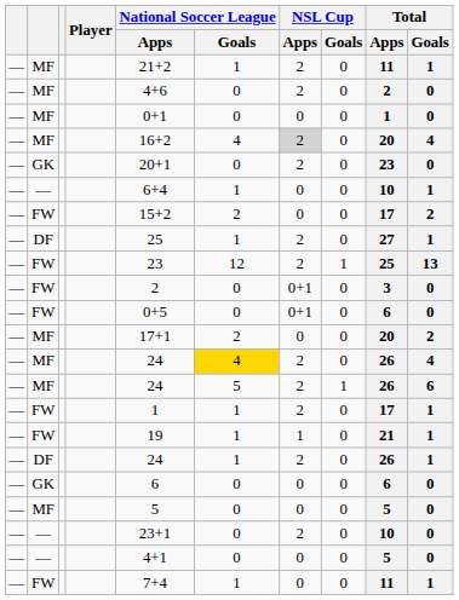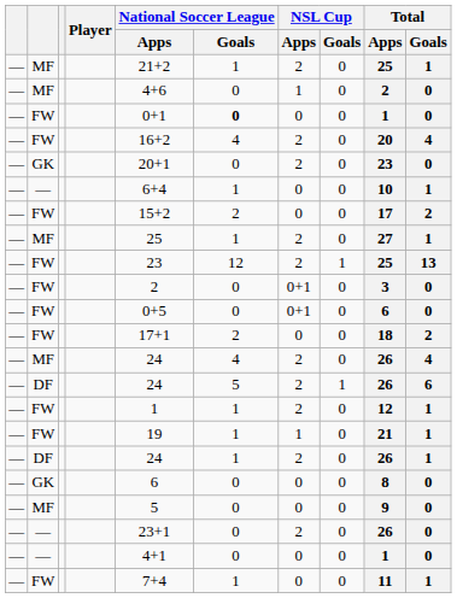 <table class="wikitable sortable" style="text-align:center">
 <tr>
 <th rowspan="2"></th>
 <th rowspan="2"></th>
 <th rowspan="2"></th>
 <th rowspan="2">Player</th>
 <th colspan="2"><a href='#'>National Soccer League</a></th>
 <th colspan="2"><a href='#'>NSL Cup</a></th>
 <th colspan="2">Total</th>
 </tr>
 <tr>
 <th>Apps</th>
 <th>Goals</th>
 <th>Apps</th>
 <th>Goals</th>
 <th>Apps</th>
 <th>Goals</th>
 </tr>
 <tr>
 <td>—</td>
 <td>MF</td>
 <td></td>
 <td align="left"><br></td>
 <td>21+2</td>
 <td>1<br></td>
 <td>2</td>
 <td>0<br></td>
-<th>11</th>
+<th>25</th>
 <th>1</th>
 </tr>
 <tr>
 <td>—</td>
 <td>MF</td>
 <td></td>
 <td align="left"><br></td>
 <td>4+6</td>
 <td>0<br></td>
-<td>2</td>
+<td>1</td>
 <td>0<br></td>
 <th>2</th>
 <th>0</th>
 </tr>
 <tr>
 <td>—</td>
-<td>MF</td>
+<td>FW</td>
 <td></td>
 <td align="left"><br></td>
 <td>0+1</td>
-<td>0<br></td>
+<td><strong>0<br></strong></td>
 <td>0</td>
 <td>0<br></td>
 <th>1</th>
 <th>0</th>
 </tr>
 <tr>
 <td>—</td>
-<td>MF</td>
+<td>FW</td>
 <td></td>
 <td align="left"><br></td>
 <td>16+2</td>
 <td>4<br></td>
-<td style="background: lightgrey;">2</td>
+<td>2</td>
 <td>0<br></td>
 <th>20</th>
 <th>4</th>
 </tr>
 <tr>
 <td>—</td>
 <td>GK</td>
 <td></td>
 <td align="left"><br></td>
 <td>20+1</td>
 <td>0<br></td>
 <td>2</td>
 <td>0<br></td>
 <th>23</th>
 <th>0</th>
 </tr>
 <tr>
 <td>—</td>
 <td>—</td>
 <td></td>
 <td align="left"><br></td>
 <td>6+4</td>
 <td>1<br></td>
 <td>0</td>
 <td>0<br></td>
 <th>10</th>
 <th>1</th>
 </tr>
 <tr>
 <td>—</td>
 <td>FW</td>
 <td></td>
 <td align="left"><br></td>
 <td>15+2</td>
 <td>2<br></td>
 <td>0</td>
 <td>0<br></td>
 <th>17</th>
 <th>2</th>
 </tr>
 <tr>
 <td>—</td>
-<td>DF</td>
+<td>MF</td>
 <td></td>
 <td align="left"><br></td>
 <td>25</td>
 <td>1<br></td>
 <td>2</td>
 <td>0<br></td>
 <th>27</th>
 <th>1</th>
 </tr>
 <tr>
 <td>—</td>
 <td>FW</td>
 <td></td>
 <td align="left"><br></td>
 <td>23</td>
 <td>12<br></td>
 <td>2</td>
 <td>1<br></td>
 <th>25</th>
 <th>13</th>
 </tr>
 <tr>
 <td>—</td>
 <td>FW</td>
 <td></td>
 <td align="left"><br></td>
 <td>2</td>
 <td>0<br></td>
 <td>0+1</td>
 <td>0<br></td>
 <th>3</th>
 <th>0</th>
 </tr>
 <tr>
 <td>—</td>
 <td>FW</td>
 <td></td>
 <td align="left"><br></td>
 <td>0+5</td>
 <td>0<br></td>
 <td>0+1</td>
 <td>0<br></td>
 <th>6</th>
 <th>0</th>
 </tr>
 <tr>
 <td>—</td>
-<td>MF</td>
+<td>FW</td>
 <td></td>
 <td align="left"><br></td>
 <td>17+1</td>
 <td>2<br></td>
 <td>0</td>
 <td>0<br></td>
-<th>20</th>
+<th>18</th>
 <th>2</th>
 </tr>
 <tr>
 <td>—</td>
 <td>MF</td>
 <td></td>
 <td align="left"><br></td>
 <td>24</td>
-<td style="background: gold;">4<br></td>
+<td>4<br></td>
 <td>2</td>
 <td>0<br></td>
 <th>26</th>
 <th>4</th>
 </tr>
 <tr>
 <td>—</td>
-<td>MF</td>
+<td>DF</td>
 <td></td>
 <td align="left"><br></td>
 <td>24</td>
 <td>5<br></td>
 <td>2</td>
 <td>1<br></td>
 <th>26</th>
 <th>6</th>
 </tr>
 <tr>
 <td>—</td>
 <td>FW</td>
 <td></td>
 <td align="left"><br></td>
 <td>1</td>
 <td>1<br></td>
 <td>2</td>
 <td>0<br></td>
-<th>17</th>
+<th>12</th>
 <th>1</th>
 </tr>
 <tr>
 <td>—</td>
 <td>FW</td>
 <td></td>
 <td align="left"><br></td>
 <td>19</td>
 <td>1<br></td>
 <td>1</td>
 <td>0<br></td>
 <th>21</th>
 <th>1</th>
 </tr>
 <tr>
 <td>—</td>
 <td>DF</td>
 <td></td>
 <td align="left"><br></td>
 <td>24</td>
 <td>1<br></td>
 <td>2</td>
 <td>0<br></td>
 <th>26</th>
 <th>1</th>
 </tr>
 <tr>
 <td>—</td>
 <td>GK</td>
 <td></td>
 <td align="left"><br></td>
 <td>6</td>
 <td>0<br></td>
 <td>0</td>
 <td>0<br></td>
-<th>6</th>
+<th>8</th>
 <th>0</th>
 </tr>
 <tr>
 <td>—</td>
 <td>MF</td>
 <td></td>
 <td align="left"><br></td>
 <td>5</td>
 <td>0<br></td>
 <td>0</td>
 <td>0<br></td>
-<th>5</th>
+<th>9</th>
 <th>0</th>
 </tr>
 <tr>
 <td>—</td>
 <td>—</td>
 <td></td>
 <td align="left"><br></td>
 <td>23+1</td>
 <td>0<br></td>
 <td>2</td>
 <td>0<br></td>
-<th>10</th>
+<th>26</th>
 <th>0</th>
 </tr>
 <tr>
 <td>—</td>
 <td>—</td>
 <td></td>
 <td align="left"><br></td>
 <td>4+1</td>
 <td>0<br></td>
 <td>0</td>
 <td>0<br></td>
-<th>5</th>
+<th>1</th>
 <th>0</th>
 </tr>
 <tr>
 <td>—</td>
 <td>FW</td>
 <td></td>
 <td align="left"><br></td>
 <td>7+4</td>
 <td>1<br></td>
 <td>0</td>
 <td>0<br></td>
 <th>11</th>
 <th>1</th>
 </tr>
 </table>
